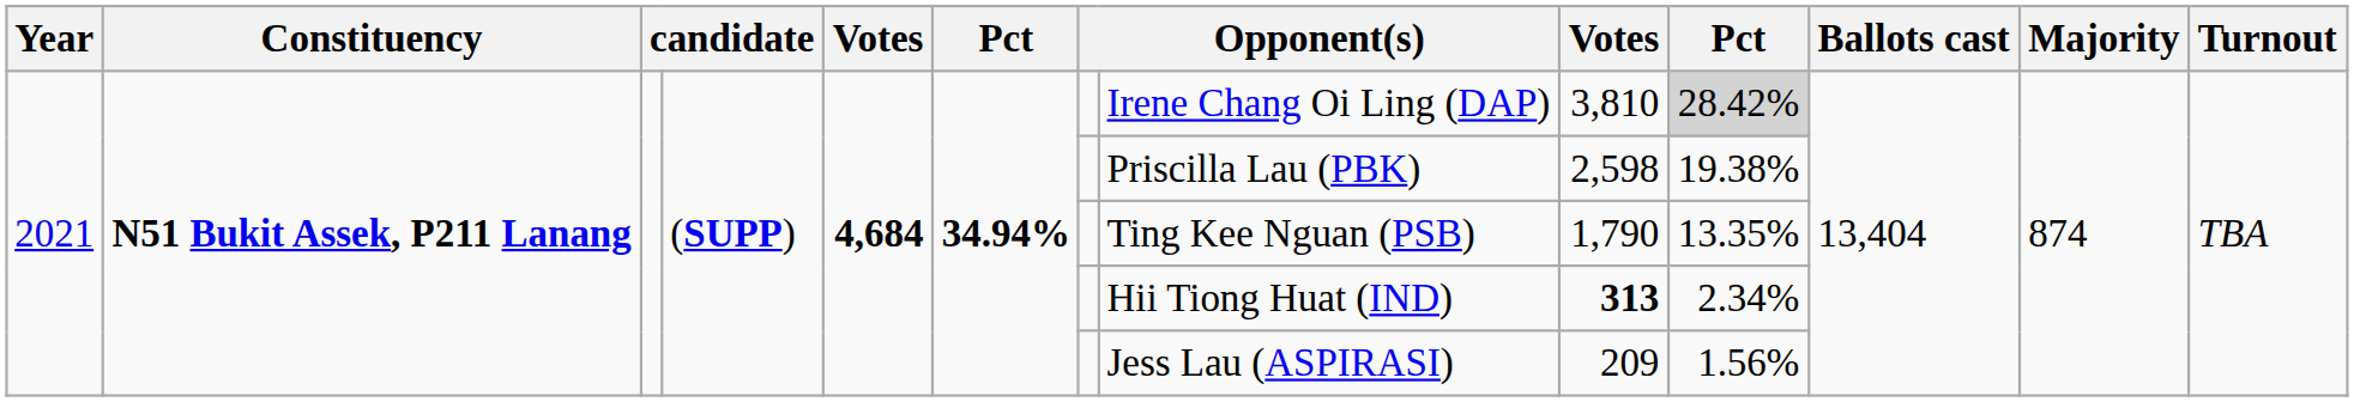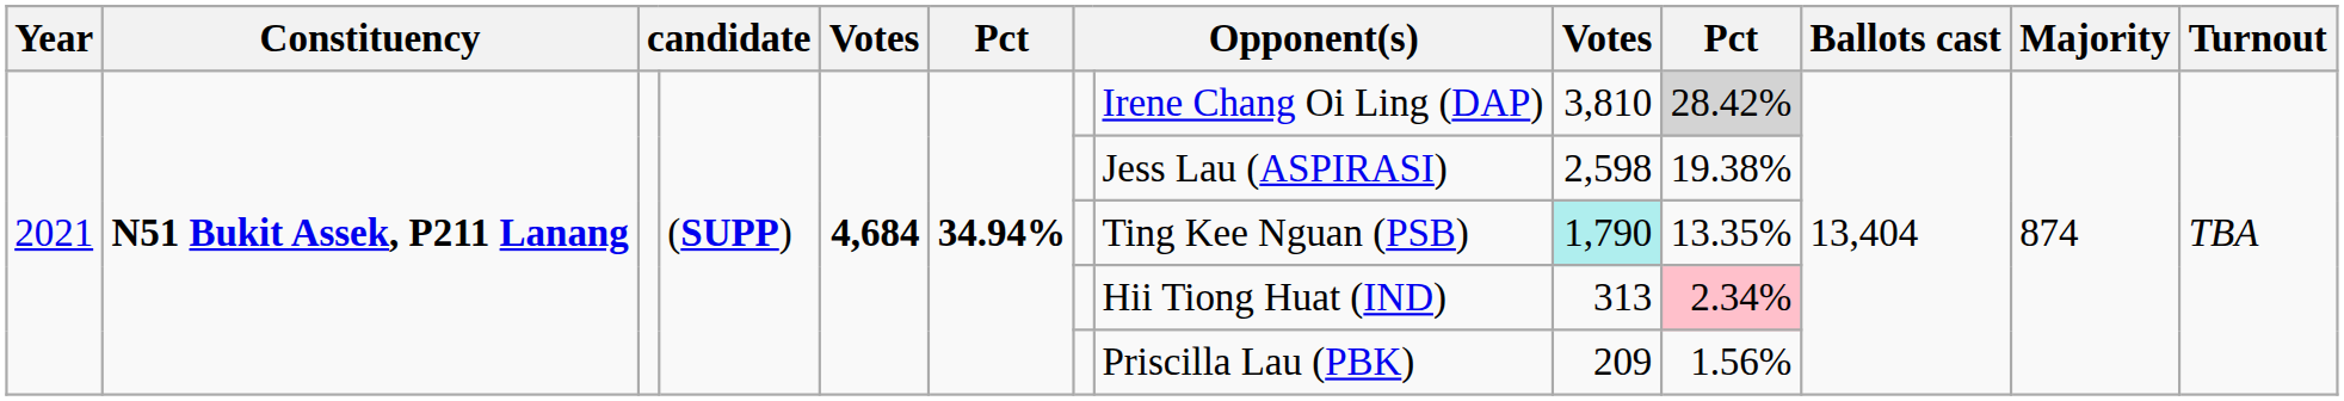 <table class="wikitable" style="margin:0.5em ; font-size:95%">
 <tr>
 <th>Year</th>
 <th>Constituency</th>
 <th colspan=2>candidate</th>
 <th>Votes</th>
 <th>Pct</th>
 <th colspan=2>Opponent(s)</th>
 <th>Votes</th>
 <th>Pct</th>
 <th>Ballots cast</th>
 <th>Majority</th>
 <th>Turnout</th>
 </tr>
 <tr>
 <td rowspan="5"><a href='#'>2021</a></td>
 <td rowspan="5"><strong>N51 <a href='#'>Bukit Assek</a>, P211 <a href='#'>Lanang</a></strong></td>
 <td rowspan="5" ></td>
 <td rowspan="5"> (<strong><a href='#'>SUPP</a></strong>)</td>
 <td rowspan="5" align=right><strong>4,684</strong></td>
 <td rowspan="5"><strong>34.94%</strong></td>
 <td></td>
 <td><a href='#'>Irene Chang</a> Oi Ling (<a href='#'>DAP</a>)</td>
 <td align=right>3,810</td>
 <td style="background: lightgrey;">28.42%</td>
 <td rowspan="5">13,404</td>
 <td rowspan="5">874</td>
 <td rowspan="5"><em>TBA</em></td>
 </tr>
 <tr>
 <td></td>
-<td>Priscilla Lau (<a href='#'>PBK</a>)</td>
+<td>Jess Lau (<a href='#'>ASPIRASI</a>)</td>
 <td align=right>2,598</td>
 <td>19.38%</td>
 </tr>
 <tr>
 <td></td>
 <td>Ting Kee Nguan (<a href='#'>PSB</a>)</td>
-<td align=right>1,790</td>
+<td align=right style="background: paleturquoise;">1,790</td>
 <td>13.35%</td>
 </tr>
 <tr>
 <td></td>
 <td>Hii Tiong Huat (<a href='#'>IND</a>)</td>
-<td align=right><strong>313</strong></td>
-<td align=right>2.34%</td>
+<td align=right>313</td>
+<td align=right style="background: pink;">2.34%</td>
 </tr>
 <tr>
 <td></td>
-<td>Jess Lau (<a href='#'>ASPIRASI</a>)</td>
+<td>Priscilla Lau (<a href='#'>PBK</a>)</td>
 <td align=right>209</td>
 <td align=right>1.56%</td>
 </tr>
 </table>
